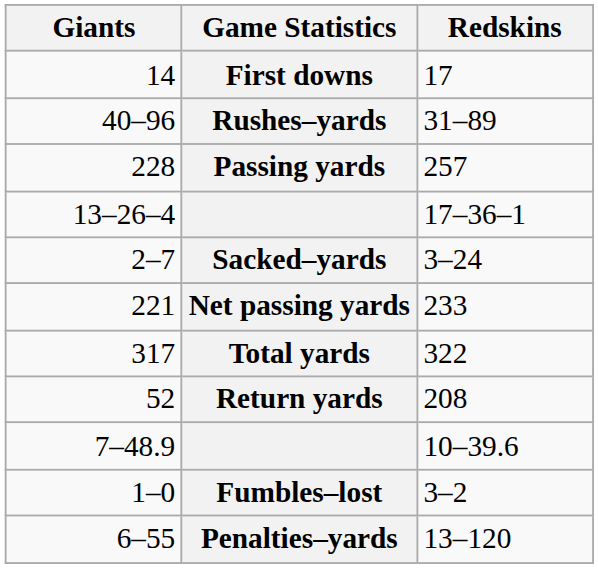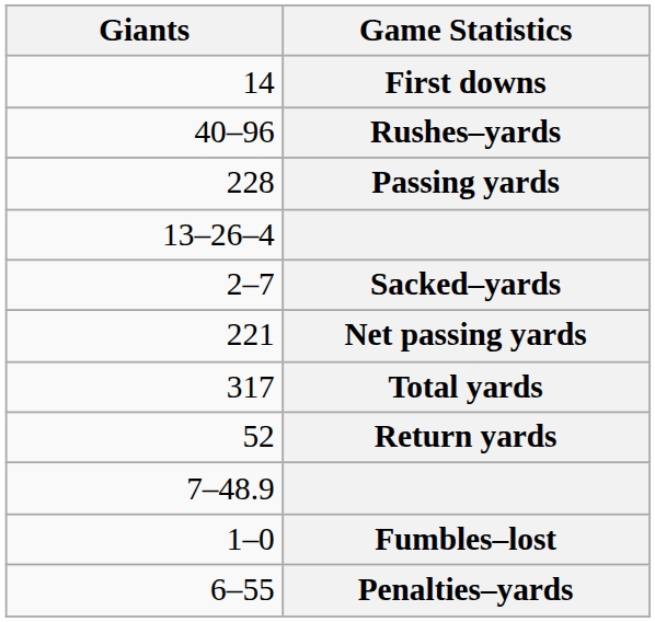 <table class="wikitable" style="margin: 1em auto 1em auto">
 <tr>
 <th style="width:30%;">Giants</th>
 <th style="width:40%;">Game Statistics</th>
-<th style="width:30%;">Redskins</th>
 </tr>
 <tr>
 <td style="text-align:right;">14</td>
 <th>First downs</th>
-<td>17</td>
 </tr>
 <tr>
 <td style="text-align:right;">40–96</td>
 <th>Rushes–yards</th>
-<td>31–89</td>
 </tr>
 <tr>
 <td style="text-align:right;">228</td>
 <th>Passing yards</th>
-<td>257</td>
 </tr>
 <tr>
 <td style="text-align:right;">13–26–4</td>
 <th></th>
-<td>17–36–1</td>
 </tr>
 <tr>
 <td style="text-align:right;">2–7</td>
 <th>Sacked–yards</th>
-<td>3–24</td>
 </tr>
 <tr>
 <td style="text-align:right;">221</td>
 <th>Net passing yards</th>
-<td>233</td>
 </tr>
 <tr>
 <td style="text-align:right;">317</td>
 <th>Total yards</th>
-<td>322</td>
 </tr>
 <tr>
 <td style="text-align:right;">52</td>
 <th>Return yards</th>
-<td>208</td>
 </tr>
 <tr>
 <td style="text-align:right;">7–48.9</td>
 <th></th>
-<td>10–39.6</td>
 </tr>
 <tr>
 <td style="text-align:right;">1–0</td>
 <th>Fumbles–lost</th>
-<td>3–2</td>
 </tr>
 <tr>
 <td style="text-align:right;">6–55</td>
 <th>Penalties–yards</th>
-<td>13–120</td>
 </tr>
 </table>
